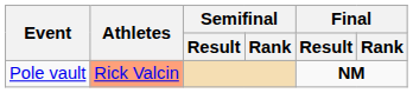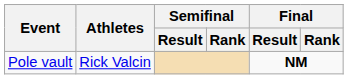 <table class="wikitable" border="1" style="font-size:90%">
 <tr>
 <th rowspan=2>Event</th>
 <th rowspan=2>Athletes</th>
 <th colspan=2>Semifinal</th>
 <th colspan=2>Final</th>
 </tr>
 <tr>
 <th>Result</th>
 <th>Rank</th>
 <th>Result</th>
 <th>Rank</th>
 </tr>
 <tr>
 <td><a href='#'>Pole vault</a></td>
-<td style="background: lightsalmon;"><a href='#'>Rick Valcin</a></td>
+<td><a href='#'>Rick Valcin</a></td>
 <td align=center colspan=2 bgcolor=wheat></td>
 <td align=center colspan=2><strong>NM</strong></td>
 </tr>
 </table>
